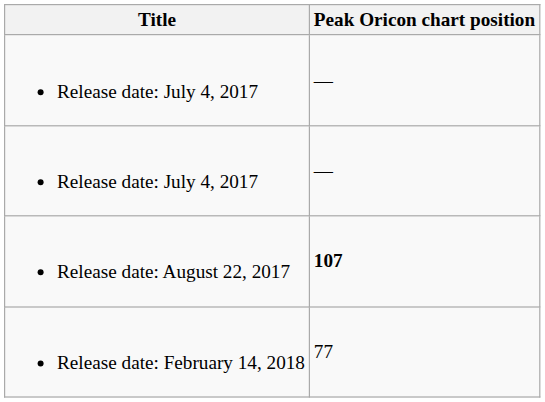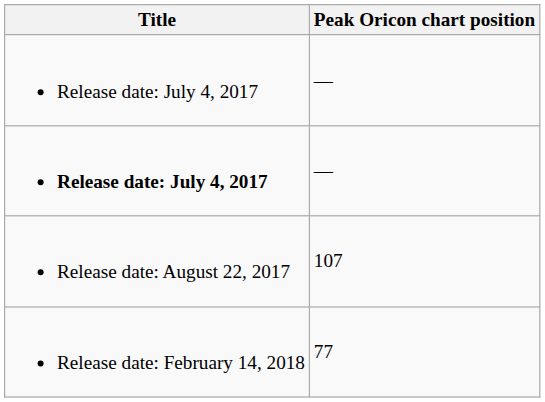 <table class="wikitable">
 <tr>
 <th>Title</th>
 <th>Peak Oricon chart position</th>
 </tr>
 <tr>
 <td><br><ul><li>Release date: July 4, 2017</li></ul></td>
 <td>—</td>
 </tr>
 <tr>
-<td><br><ul><li>Release date: July 4, 2017</li></ul></td>
+<td><strong><br><ul><li>Release date: July 4, 2017</li></ul></strong></td>
 <td>—</td>
 </tr>
 <tr>
 <td><br><ul><li>Release date: August 22, 2017</li></ul></td>
-<td><strong>107</strong></td>
+<td>107</td>
 </tr>
 <tr>
 <td><br><ul><li>Release date: February 14, 2018</li></ul></td>
 <td>77</td>
 </tr>
 </table>
